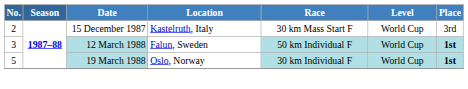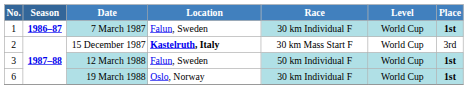 <table class="wikitable sortable" style="font-size:95%; text-align:center; border:grey solid 1px; border-collapse:collapse; background:#ffffff;">
 <tr style="background:#efefef;">
 <th style="background-color:#369; color:white;">No.</th>
 <th style="background-color:#369; color:white;">Season</th>
 <th style="background-color:#4180be; color:white; width:120px;">Date</th>
 <th style="background-color:#4180be; color:white; width:170px;">Location</th>
 <th style="background-color:#4180be; color:white; width:160px;">Race</th>
 <th style="background-color:#4180be; color:white; width:100px;">Level</th>
 <th style="background-color:#4180be; color:white;">Place</th>
 </tr>
 <tr>
+<td align=center>1</td>
+<td rowspan=1 align=center><strong><a href='#'>1986–87</a></strong></td>
+<td bgcolor="#BOEOE6" align=right>7 March 1987</td>
+<td align=left> <a href='#'>Falun</a>, Sweden</td>
+<td bgcolor="#BOEOE6">30 km Individual F</td>
+<td bgcolor="#BOEOE6">World Cup</td>
+<td bgcolor="#BOEOE6"><strong>1st</strong></td>
+</tr>
+<tr>
 <td align=center>2</td>
 <td rowspan=3 align=center><strong> <a href='#'>1987–88</a> </strong></td>
 <td align=right>15 December 1987</td>
-<td align=left> <a href='#'>Kastelruth</a>, Italy</td>
+<td align=left><strong> <a href='#'>Kastelruth</a>, Italy</strong></td>
 <td>30 km Mass Start F</td>
 <td>World Cup</td>
 <td>3rd</td>
 </tr>
 <tr>
 <td align=center>3</td>
 <td bgcolor="#BOEOE6" align=right>12 March 1988</td>
 <td align=left> <a href='#'>Falun</a>, Sweden</td>
 <td bgcolor="#BOEOE6">50 km Individual F</td>
 <td bgcolor="#BOEOE6">World Cup</td>
 <td bgcolor="#BOEOE6"><strong>1st</strong></td>
 </tr>
 <tr>
-<td align=center>5</td>
+<td align=center>6</td>
 <td bgcolor="#BOEOE6" align=right>19 March 1988</td>
 <td align=left> <a href='#'>Oslo</a>, Norway</td>
 <td bgcolor="#BOEOE6">30 km Individual F</td>
 <td bgcolor="#BOEOE6">World Cup</td>
 <td bgcolor="#BOEOE6"><strong>1st</strong></td>
 </tr>
 <tr>
 </tr>
 </table>
